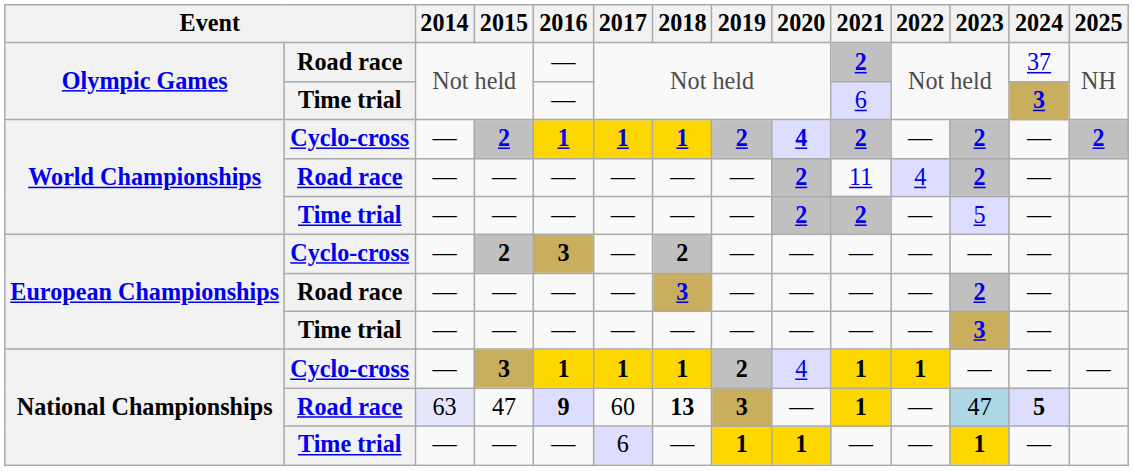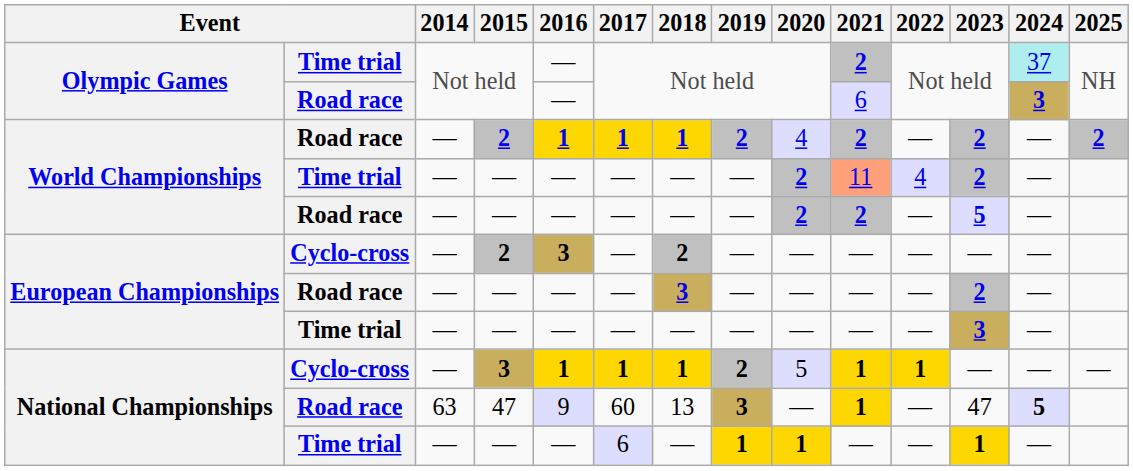 <table class="wikitable plainrowheaders">
 <tr>
 <th scope="col" colspan=2>Event</th>
 <th scope="col">2014</th>
 <th scope="col">2015</th>
 <th scope="col">2016</th>
 <th scope="col">2017</th>
 <th scope="col">2018</th>
 <th scope="col">2019</th>
 <th scope="col">2020</th>
 <th scope="col">2021</th>
 <th scope="col">2022</th>
 <th scope="col">2023</th>
 <th scope="col">2024</th>
 <th scope="col">2025</th>
 </tr>
 <tr style="text-align:center;">
 <th scope="row" rowspan=2> <a href='#'>Olympic Games</a></th>
-<th scope="row">Road race</th>
+<th scope="row"><a href='#'>Time trial</a></th>
 <td style="color:#4d4d4d;" rowspan=2 colspan=2>Not held</td>
 <td>—</td>
 <td style="color:#4d4d4d;" rowspan=2 colspan=4>Not held</td>
 <td style="background:silver;"><a href='#'><strong>2</strong></a></td>
 <td colspan="2" rowspan="2" style="color:#4d4d4d;">Not held</td>
-<td><a href='#'>37</a></td>
+<td style="background: paleturquoise;"><a href='#'>37</a></td>
 <td style="color:#4d4d4d;" rowspan=2>NH</td>
 </tr>
 <tr style="text-align:center;">
-<th scope="row">Time trial</th>
+<th scope="row"><a href='#'>Road race</a></th>
 <td>—</td>
 <td style="background:#ddf;"><a href='#'>6</a></td>
 <td style="background:#c9ae5d;"><a href='#'><strong>3</strong></a></td>
 </tr>
 <tr style="text-align:center;">
 <th scope="row" rowspan=3> <a href='#'>World Championships</a></th>
-<th scope="row"><a href='#'>Cyclo-cross</a></th>
+<th scope="row">Road race</th>
 <td>—</td>
 <td style="background:silver;"><a href='#'><strong>2</strong></a></td>
 <td style="background:gold;"><a href='#'><strong>1</strong></a></td>
 <td style="background:gold;"><a href='#'><strong>1</strong></a></td>
 <td style="background:gold;"><a href='#'><strong>1</strong></a></td>
 <td style="background:silver;"><a href='#'><strong>2</strong></a></td>
-<td style="background:#ddf;"><strong><a href='#'>4</a></strong></td>
+<td style="background:#ddf;"><a href='#'>4</a></td>
 <td style="background:silver;"><a href='#'><strong>2</strong></a></td>
 <td>—</td>
 <td style="background:silver;"><a href='#'><strong>2</strong></a></td>
 <td>—</td>
 <td style="background:silver;"><a href='#'><strong>2</strong></a></td>
-</tr>
-<tr style="text-align:center;">
-<th scope="row"><a href='#'>Road race</a></th>
-<td>—</td>
-<td>—</td>
-<td>—</td>
-<td>—</td>
-<td>—</td>
-<td>—</td>
-<td style="background:silver;"><a href='#'><strong>2</strong></a></td>
-<td><a href='#'>11</a></td>
-<td style="background:#ddf;"><a href='#'>4</a></td>
-<td style="background:silver;"><a href='#'><strong>2</strong></a></td>
-<td>—</td>
-<td></td>
 </tr>
 <tr style="text-align:center;">
 <th scope="row"><a href='#'>Time trial</a></th>
 <td>—</td>
 <td>—</td>
 <td>—</td>
 <td>—</td>
 <td>—</td>
 <td>—</td>
 <td style="background:silver;"><a href='#'><strong>2</strong></a></td>
+<td style="background: lightsalmon;"><a href='#'>11</a></td>
+<td style="background:#ddf;"><a href='#'>4</a></td>
 <td style="background:silver;"><a href='#'><strong>2</strong></a></td>
 <td>—</td>
-<td style="background:#ddf;"><a href='#'>5</a></td>
+<td></td>
+</tr>
+<tr style="text-align:center;">
+<th scope="row">Road race</th>
+<td>—</td>
+<td>—</td>
+<td>—</td>
+<td>—</td>
+<td>—</td>
+<td>—</td>
+<td style="background:silver;"><a href='#'><strong>2</strong></a></td>
+<td style="background:silver;"><a href='#'><strong>2</strong></a></td>
+<td>—</td>
+<td style="background:#ddf;"><strong><a href='#'>5</a></strong></td>
 <td>—</td>
 <td></td>
 </tr>
 <tr style="text-align:center;">
 <th scope="row" rowspan=3> <a href='#'>European Championships</a></th>
 <th scope="row"><a href='#'>Cyclo-cross</a></th>
 <td>—</td>
 <td style="background:silver;"><strong>2</strong></td>
 <td style="background:#c9ae5d;"><strong>3</strong></td>
 <td>—</td>
 <td style="background:silver;"><strong>2</strong></td>
 <td>—</td>
 <td>—</td>
 <td>—</td>
 <td>—</td>
 <td>—</td>
 <td>—</td>
 <td></td>
 </tr>
 <tr style="text-align:center;">
 <th scope="row">Road race</th>
 <td>—</td>
 <td>—</td>
 <td>—</td>
 <td>—</td>
 <td style="background:#C9AE5D;"><a href='#'><strong>3</strong></a></td>
 <td>—</td>
 <td>—</td>
 <td>—</td>
 <td>—</td>
 <td style="background:silver;"><a href='#'><strong>2</strong></a></td>
 <td>—</td>
 <td></td>
 </tr>
 <tr style="text-align:center;">
 <th scope="row">Time trial</th>
 <td>—</td>
 <td>—</td>
 <td>—</td>
 <td>—</td>
 <td>—</td>
 <td>—</td>
 <td>—</td>
 <td>—</td>
 <td>—</td>
 <td style="background:#c9ae5d;"><a href='#'><strong>3</strong></a></td>
 <td>—</td>
 <td></td>
 </tr>
 <tr style="text-align:center;">
 <th scope="row" rowspan=3> National Championships</th>
 <th scope="row"><a href='#'>Cyclo-cross</a></th>
 <td>—</td>
 <td style="background:#c9ae5d;"><strong>3</strong></td>
 <td style="background:gold;"><strong>1</strong></td>
 <td style="background:gold;"><strong>1</strong></td>
 <td style="background:gold;"><strong>1</strong></td>
 <td style="background:silver;"><strong>2</strong></td>
-<td style="background:#ddf;"><a href='#'>4</a></td>
+<td style="background:#ddf;">5</td>
 <td style="background:gold;"><strong>1</strong></td>
 <td style="background:gold;"><strong>1</strong></td>
 <td>—</td>
 <td>—</td>
 <td>—</td>
 </tr>
 <tr style="text-align:center;">
 <th scope="row"><a href='#'>Road race</a></th>
-<td style="background: lavender;">63</td>
+<td>63</td>
 <td>47</td>
-<td style="background:#ddf;"><strong>9</strong></td>
+<td style="background:#ddf;">9</td>
 <td>60</td>
-<td><strong>13</strong></td>
+<td>13</td>
 <th style="background:#C9AE5D;"><strong>3</strong></th>
 <td>—</td>
 <th style="background:gold;"><strong>1</strong></th>
 <td>—</td>
-<td style="background: lightblue;">47</td>
+<td>47</td>
 <td style="background:#ddf;"><strong>5</strong></td>
 <td></td>
 </tr>
 <tr style="text-align:center;">
 <th scope="row"><a href='#'>Time trial</a></th>
 <td>—</td>
 <td>—</td>
 <td>—</td>
 <td style="background:#ddf;">6</td>
 <td>—</td>
 <th style="background:gold;"><strong>1</strong></th>
 <th style="background:gold;"><strong>1</strong></th>
 <td>—</td>
 <td>—</td>
 <th style="background:gold;"><strong>1</strong></th>
 <td>—</td>
 <td></td>
 </tr>
 </table>
